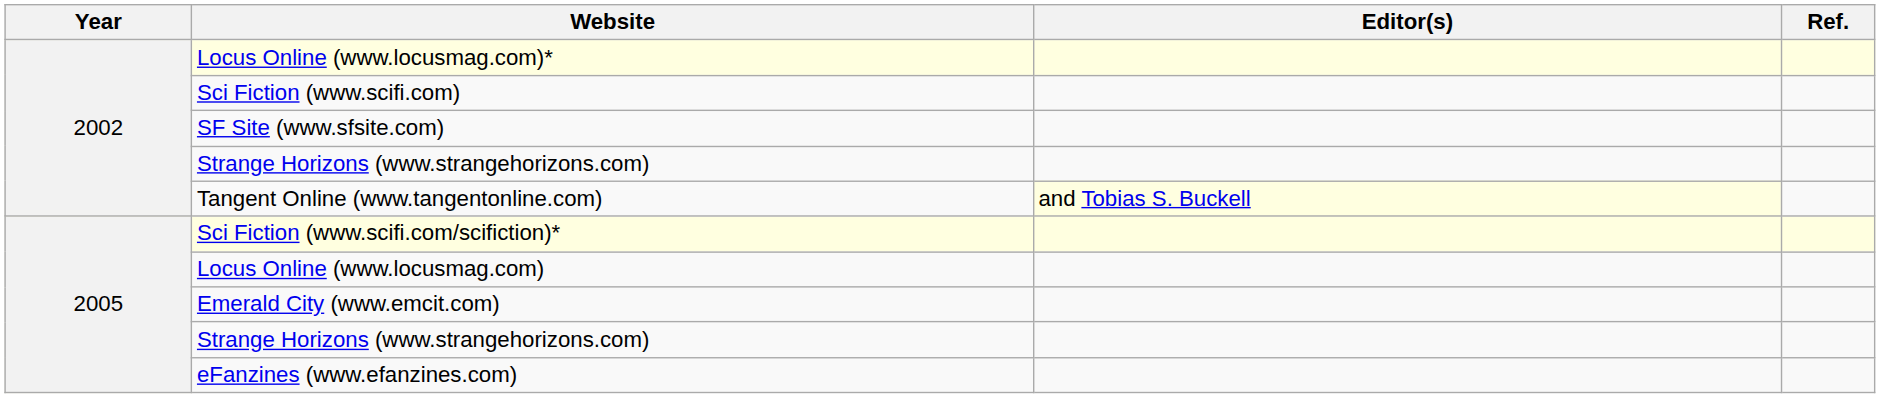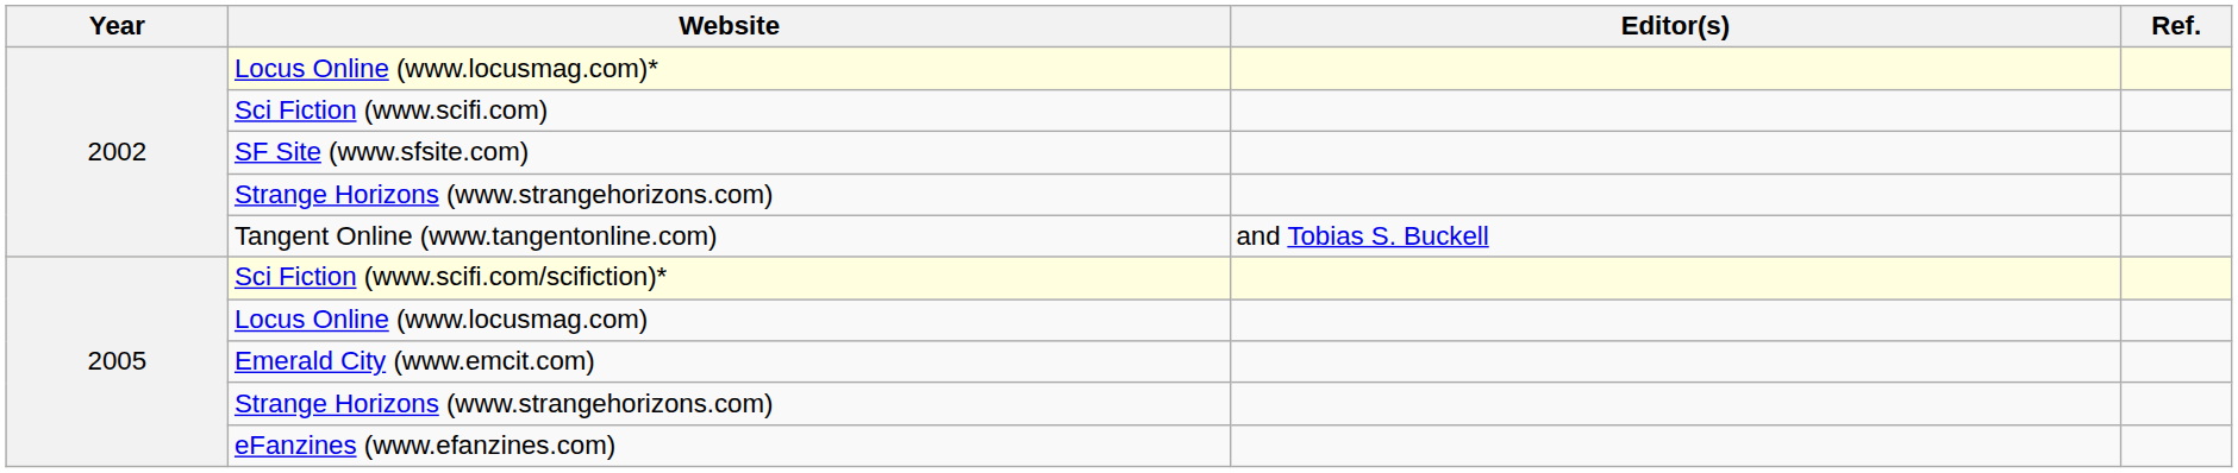 <table class="sortable wikitable" width="85%" cellpadding="5" style="margin: 1em auto 1em auto">
 <tr>
 <th width="10%" scope="col">Year</th>
 <th width="45%" scope="col">Website</th>
 <th width="40%" scope="col">Editor(s)</th>
 <th width="5%" scope="col" class="unsortable">Ref.</th>
 </tr>
 <tr style="background:lightyellow;">
 <th scope="rowgroup" align="center" rowspan="5" style="font-weight:normal;">2002</th>
 <td><a href='#'>Locus Online</a> (www.locusmag.com)*</td>
 <td></td>
 <td align="center"></td>
 </tr>
 <tr>
 <td><a href='#'>Sci Fiction</a> (www.scifi.com)</td>
 <td></td>
 <td align="center"></td>
 </tr>
 <tr>
 <td><a href='#'>SF Site</a> (www.sfsite.com)</td>
 <td></td>
 <td align="center"></td>
 </tr>
 <tr>
 <td><a href='#'>Strange Horizons</a> (www.strangehorizons.com)</td>
 <td></td>
 <td align="center"></td>
 </tr>
 <tr>
 <td>Tangent Online (www.tangentonline.com)</td>
-<td style="background: lightyellow;"> and <a href='#'>Tobias S. Buckell</a></td>
+<td> and <a href='#'>Tobias S. Buckell</a></td>
 <td align="center"></td>
 </tr>
 <tr style="background:lightyellow;">
 <th scope="rowgroup" align="center" rowspan="5" style="font-weight:normal;">2005</th>
 <td><a href='#'>Sci Fiction</a> (www.scifi.com/scifiction)*</td>
 <td></td>
 <td align="center"></td>
 </tr>
 <tr>
 <td><a href='#'>Locus Online</a> (www.locusmag.com)</td>
 <td></td>
 <td align="center"></td>
 </tr>
 <tr>
 <td><a href='#'>Emerald City</a> (www.emcit.com)</td>
 <td></td>
 <td align="center"></td>
 </tr>
 <tr>
 <td><a href='#'>Strange Horizons</a> (www.strangehorizons.com)</td>
 <td></td>
 <td align="center"></td>
 </tr>
 <tr>
 <td><a href='#'>eFanzines</a> (www.efanzines.com)</td>
 <td></td>
 <td align="center"></td>
 </tr>
 </table>
